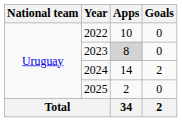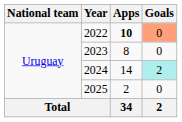 <table class="wikitable" style="text-align:center">
 <tr>
 <th>National team</th>
 <th>Year</th>
 <th>Apps</th>
 <th>Goals</th>
 </tr>
 <tr>
 <td rowspan="4"><a href='#'>Uruguay</a></td>
 <td>2022</td>
-<td>10</td>
-<td>0</td>
+<td><strong>10</strong></td>
+<td style="background: lightsalmon;">0</td>
 </tr>
 <tr>
 <td>2023</td>
-<td style="background: lightgrey;">8</td>
+<td>8</td>
 <td>0</td>
 </tr>
 <tr>
 <td>2024</td>
 <td>14</td>
-<td>2</td>
+<td style="background: paleturquoise;">2</td>
 </tr>
 <tr>
 <td>2025</td>
 <td>2</td>
 <td>0</td>
 </tr>
 <tr>
 <th colspan="2">Total</th>
 <th>34</th>
 <th>2</th>
 </tr>
 </table>
